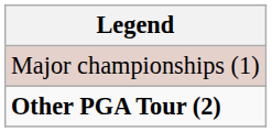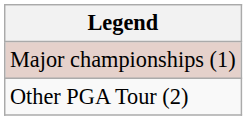 <table class="wikitable" style="font-size:95%;">
 <tr>
 <th>Legend</th>
 </tr>
 <tr style="background:#e5d1cb;">
 <td>Major championships  (1)</td>
 </tr>
 <tr>
-<td><strong>Other PGA Tour (2)</strong></td>
+<td>Other PGA Tour (2)</td>
 </tr>
 </table>
